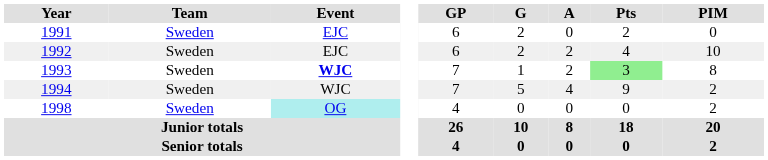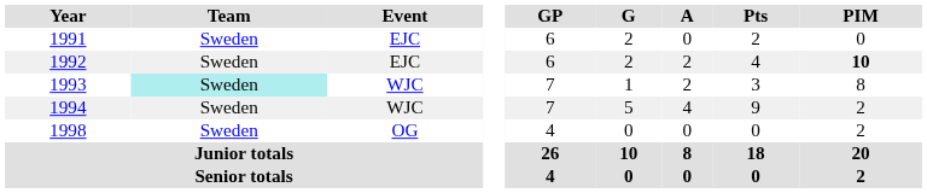 <table border="0" cellpadding="1" cellspacing="0" style="text-align:center; width:50em">
 <tr ALIGN="center" bgcolor="#e0e0e0">
 <th>Year</th>
 <th>Team</th>
 <th>Event</th>
 <th rowspan="99" bgcolor="#ffffff"> </th>
 <th>GP</th>
 <th>G</th>
 <th>A</th>
 <th>Pts</th>
 <th>PIM</th>
 </tr>
 <tr>
 <td><a href='#'>1991</a></td>
 <td><a href='#'>Sweden</a></td>
 <td><a href='#'>EJC</a></td>
 <td>6</td>
 <td>2</td>
 <td>0</td>
 <td>2</td>
 <td>0</td>
 </tr>
 <tr bgcolor="#f0f0f0">
 <td><a href='#'>1992</a></td>
 <td>Sweden</td>
 <td>EJC</td>
 <td>6</td>
 <td>2</td>
 <td>2</td>
 <td>4</td>
-<td>10</td>
+<td><strong>10</strong></td>
 </tr>
 <tr>
 <td><a href='#'>1993</a></td>
-<td>Sweden</td>
-<td><strong><a href='#'>WJC</a></strong></td>
+<td style="background: paleturquoise;">Sweden</td>
+<td><a href='#'>WJC</a></td>
 <td>7</td>
 <td>1</td>
 <td>2</td>
-<td style="background: lightgreen;">3</td>
+<td>3</td>
 <td>8</td>
 </tr>
 <tr bgcolor="#f0f0f0">
 <td><a href='#'>1994</a></td>
 <td>Sweden</td>
 <td>WJC</td>
 <td>7</td>
 <td>5</td>
 <td>4</td>
 <td>9</td>
 <td>2</td>
 </tr>
 <tr>
 <td><a href='#'>1998</a></td>
 <td><a href='#'>Sweden</a></td>
-<td style="background: paleturquoise;"><a href='#'>OG</a></td>
+<td><a href='#'>OG</a></td>
 <td>4</td>
 <td>0</td>
 <td>0</td>
 <td>0</td>
 <td>2</td>
 </tr>
 <tr bgcolor="#e0e0e0">
 <th colspan=3>Junior totals</th>
 <th>26</th>
 <th>10</th>
 <th>8</th>
 <th>18</th>
 <th>20</th>
 </tr>
 <tr bgcolor="#e0e0e0">
 <th colspan=3>Senior totals</th>
 <th>4</th>
 <th>0</th>
 <th>0</th>
 <th>0</th>
 <th>2</th>
 </tr>
 </table>
